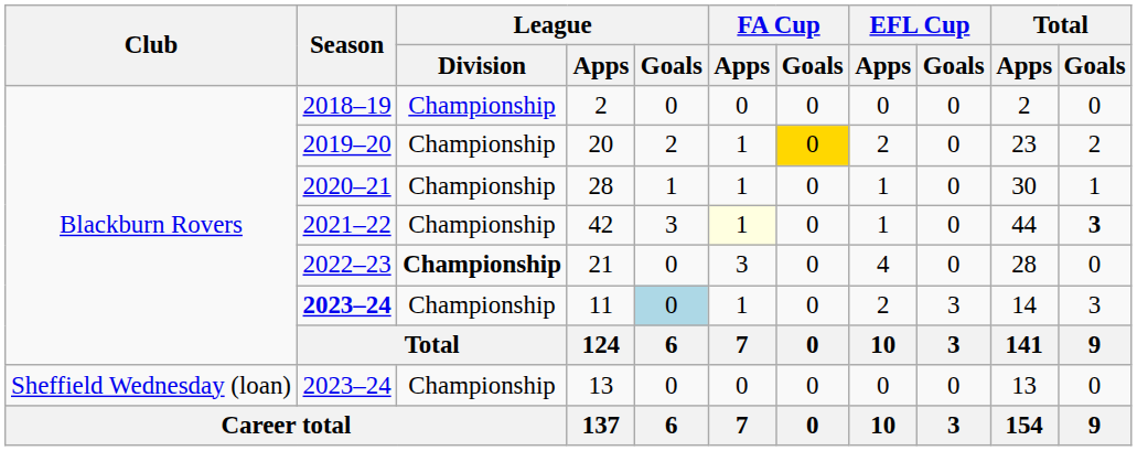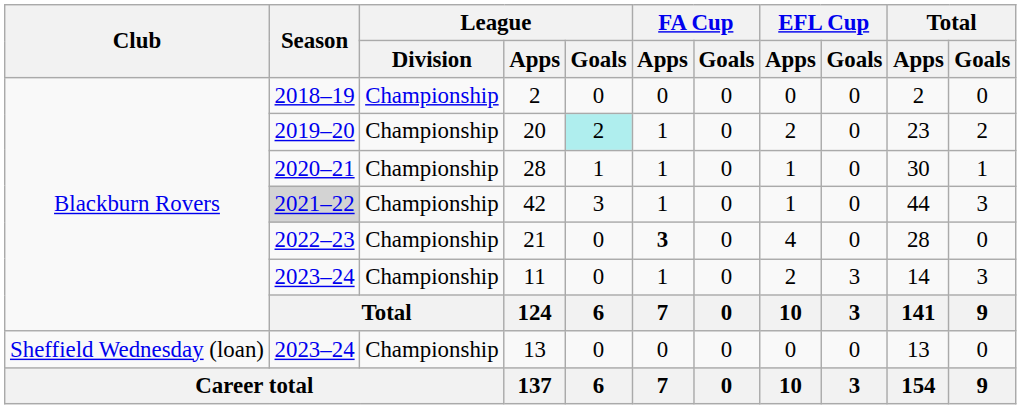 <table class="wikitable" style="text-align: center;">
 <tr>
 <th rowspan="2">Club</th>
 <th rowspan="2">Season</th>
 <th colspan="3">League</th>
 <th colspan="2"><a href='#'>FA Cup</a></th>
 <th colspan="2"><a href='#'>EFL Cup</a></th>
 <th colspan="2">Total</th>
 </tr>
 <tr>
 <th>Division</th>
 <th>Apps</th>
 <th>Goals</th>
 <th>Apps</th>
 <th>Goals</th>
 <th>Apps</th>
 <th>Goals</th>
 <th>Apps</th>
 <th>Goals</th>
 </tr>
 <tr>
 <td rowspan=7><a href='#'>Blackburn Rovers</a></td>
 <td><a href='#'>2018–19</a></td>
 <td><a href='#'>Championship</a></td>
 <td>2</td>
 <td>0</td>
 <td>0</td>
 <td>0</td>
 <td>0</td>
 <td>0</td>
 <td>2</td>
 <td>0</td>
 </tr>
 <tr>
 <td><a href='#'>2019–20</a></td>
 <td>Championship</td>
 <td>20</td>
-<td>2</td>
+<td style="background: paleturquoise;">2</td>
 <td>1</td>
-<td style="background: gold;">0</td>
+<td>0</td>
 <td>2</td>
 <td>0</td>
 <td>23</td>
 <td>2</td>
 </tr>
 <tr>
 <td><a href='#'>2020–21</a></td>
 <td>Championship</td>
 <td>28</td>
 <td>1</td>
 <td>1</td>
 <td>0</td>
 <td>1</td>
 <td>0</td>
 <td>30</td>
 <td>1</td>
 </tr>
 <tr>
-<td><a href='#'>2021–22</a></td>
+<td style="background: lightgrey;"><a href='#'>2021–22</a></td>
 <td>Championship</td>
 <td>42</td>
 <td>3</td>
-<td style="background: lightyellow;">1</td>
+<td>1</td>
 <td>0</td>
 <td>1</td>
 <td>0</td>
 <td>44</td>
-<td><strong>3</strong></td>
+<td>3</td>
 </tr>
 <tr>
 <td><a href='#'>2022–23</a></td>
-<td><strong>Championship</strong></td>
+<td>Championship</td>
 <td>21</td>
 <td>0</td>
-<td>3</td>
+<td><strong>3</strong></td>
 <td>0</td>
 <td>4</td>
 <td>0</td>
 <td>28</td>
 <td>0</td>
 </tr>
 <tr>
-<td><strong><a href='#'>2023–24</a></strong></td>
+<td><a href='#'>2023–24</a></td>
 <td>Championship</td>
 <td>11</td>
-<td style="background: lightblue;">0</td>
+<td>0</td>
 <td>1</td>
 <td>0</td>
 <td>2</td>
 <td>3</td>
 <td>14</td>
 <td>3</td>
 </tr>
 <tr>
 <th colspan="2">Total</th>
 <th>124</th>
 <th>6</th>
 <th>7</th>
 <th>0</th>
 <th>10</th>
 <th>3</th>
 <th>141</th>
 <th>9</th>
 </tr>
 <tr>
 <td><a href='#'>Sheffield Wednesday</a> (loan)</td>
 <td><a href='#'>2023–24</a></td>
 <td>Championship</td>
 <td>13</td>
 <td>0</td>
 <td>0</td>
 <td>0</td>
 <td>0</td>
 <td>0</td>
 <td>13</td>
 <td>0</td>
 </tr>
 <tr>
 <th colspan="3">Career total</th>
 <th>137</th>
 <th>6</th>
 <th>7</th>
 <th>0</th>
 <th>10</th>
 <th>3</th>
 <th>154</th>
 <th>9</th>
 </tr>
 </table>
